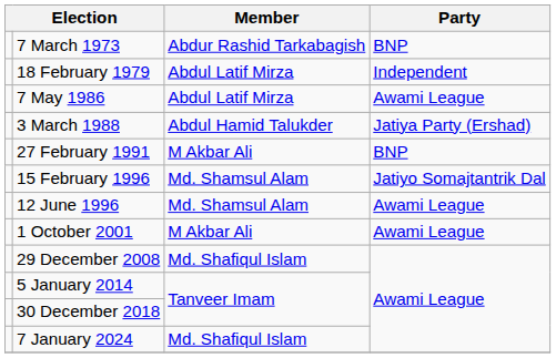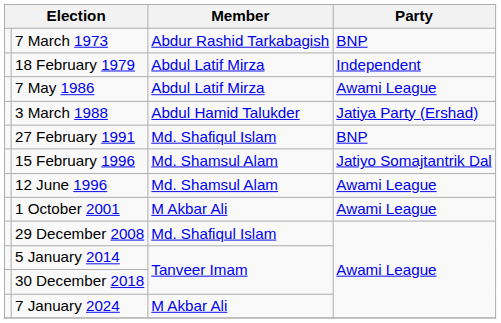 <table class="wikitable">
 <tr>
 <th colspan="2">Election</th>
 <th>Member</th>
 <th>Party</th>
 </tr>
 <tr>
 <td></td>
 <td>7 March <a href='#'>1973</a></td>
 <td><a href='#'>Abdur Rashid Tarkabagish</a></td>
 <td><a href='#'>BNP</a></td>
 </tr>
 <tr>
 <td></td>
 <td>18 February <a href='#'>1979</a></td>
 <td><a href='#'>Abdul Latif Mirza</a></td>
 <td><a href='#'>Independent</a></td>
 </tr>
 <tr>
 <td style="background-color:"></td>
 <td>7 May <a href='#'>1986</a></td>
 <td><a href='#'>Abdul Latif Mirza</a></td>
 <td><a href='#'>Awami League</a></td>
 </tr>
 <tr>
 <td></td>
 <td>3 March <a href='#'>1988</a></td>
 <td><a href='#'>Abdul Hamid Talukder</a></td>
 <td><a href='#'>Jatiya Party (Ershad)</a></td>
 </tr>
 <tr>
 <td style="background-color:"></td>
 <td>27 February <a href='#'>1991</a></td>
-<td><a href='#'>M Akbar Ali</a></td>
+<td><a href='#'>Md. Shafiqul Islam</a></td>
 <td><a href='#'>BNP</a></td>
 </tr>
 <tr>
 <td style="background-color:"></td>
 <td>15  February <a href='#'>1996</a></td>
 <td><a href='#'>Md. Shamsul Alam</a></td>
 <td><a href='#'>Jatiyo Somajtantrik Dal</a></td>
 </tr>
 <tr>
 <td style="background-color:"></td>
 <td>12 June <a href='#'>1996</a></td>
 <td><a href='#'>Md. Shamsul Alam</a></td>
 <td><a href='#'>Awami League</a></td>
 </tr>
 <tr>
 <td style="background-color:"></td>
 <td>1 October <a href='#'>2001</a></td>
 <td><a href='#'>M Akbar Ali</a></td>
 <td><a href='#'>Awami League</a></td>
 </tr>
 <tr>
 <td style="background-color:"></td>
 <td>29 December <a href='#'>2008</a></td>
 <td><a href='#'>Md. Shafiqul Islam</a></td>
 <td rowspan="4"><a href='#'>Awami League</a></td>
 </tr>
 <tr>
 <td style="background-color:"></td>
 <td>5 January <a href='#'>2014</a></td>
 <td rowspan="2"><a href='#'>Tanveer Imam</a></td>
 </tr>
 <tr>
 <td></td>
 <td>30 December <a href='#'>2018</a></td>
 </tr>
 <tr>
 <td style="background-color:"></td>
 <td>7 January <a href='#'>2024</a></td>
-<td><a href='#'>Md. Shafiqul Islam</a></td>
+<td><a href='#'>M Akbar Ali</a></td>
 </tr>
 <tr>
 </tr>
 </table>
